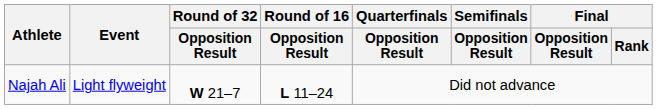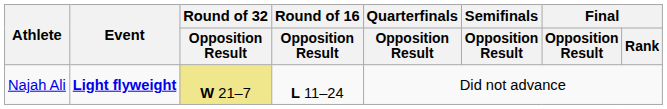 <table class="wikitable" style="font-size:90%">
 <tr>
 <th rowspan="2">Athlete</th>
 <th rowspan="2">Event</th>
 <th>Round of 32</th>
 <th>Round of 16</th>
 <th>Quarterfinals</th>
 <th>Semifinals</th>
 <th colspan=2>Final</th>
 </tr>
 <tr style="font-size:95%">
 <th>Opposition<br>Result</th>
 <th>Opposition<br>Result</th>
 <th>Opposition<br>Result</th>
 <th>Opposition<br>Result</th>
 <th>Opposition<br>Result</th>
 <th>Rank</th>
 </tr>
 <tr align=center>
 <td align=left><a href='#'>Najah Ali</a></td>
-<td align=left><a href='#'>Light flyweight</a></td>
-<td><br><strong>W</strong> 21–7</td>
+<td align=left><strong><a href='#'>Light flyweight</a></strong></td>
+<td style="background: khaki;"><br><strong>W</strong> 21–7</td>
 <td><br><strong>L</strong> 11–24</td>
 <td colspan=4>Did not advance</td>
 </tr>
 </table>
